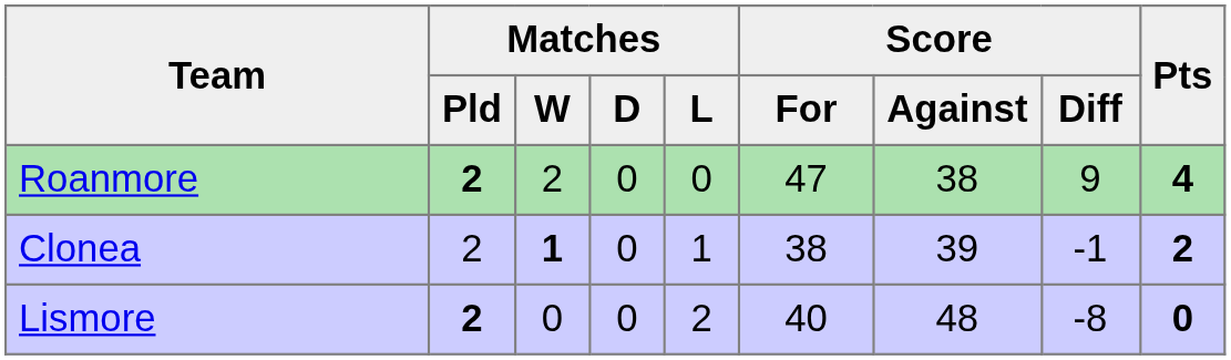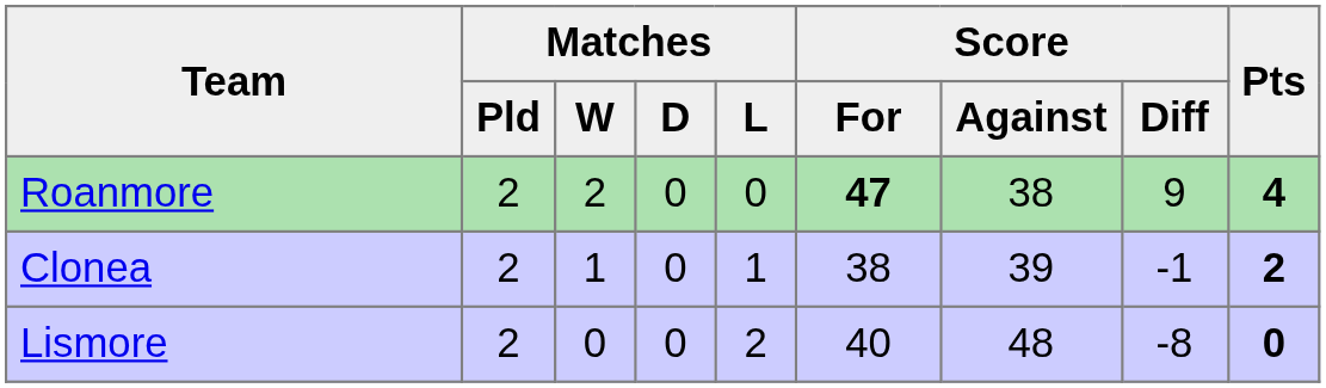 <table style=border-collapse:collapse border=1 cellspacing=0 cellpadding=5>
 <tr align=center bgcolor=#efefef>
 <th rowspan=2 width=165>Team</th>
 <th colspan=4>Matches</th>
 <th colspan=3>Score</th>
 <th rowspan=2width=20>Pts</th>
 </tr>
 <tr align=center bgcolor=#efefef>
 <th width=20>Pld</th>
 <th width=20>W</th>
 <th width=20>D</th>
 <th width=20>L</th>
 <th width=45>For</th>
 <th width=45>Against</th>
 <th width=30>Diff</th>
 </tr>
 <tr align=center  style="background:#ACE1AF;">
 <td style="text-align:left;"><a href='#'>Roanmore</a></td>
-<td><strong>2</strong></td>
+<td>2</td>
 <td>2</td>
 <td>0</td>
 <td>0</td>
-<td>47</td>
+<td><strong>47</strong></td>
 <td>38</td>
 <td>9</td>
 <td><strong>4</strong></td>
 </tr>
 <tr align=center style="background:#ccccff;">
 <td style="text-align:left;"><a href='#'>Clonea</a></td>
 <td>2</td>
-<td><strong>1</strong></td>
+<td>1</td>
 <td>0</td>
 <td>1</td>
 <td>38</td>
 <td>39</td>
 <td>-1</td>
 <td><strong>2</strong></td>
 </tr>
 <tr align=center  style="background:#ccccff;">
 <td style="text-align:left;"><a href='#'>Lismore</a></td>
-<td><strong>2</strong></td>
+<td>2</td>
 <td>0</td>
 <td>0</td>
 <td>2</td>
 <td>40</td>
 <td>48</td>
 <td>-8</td>
 <td><strong>0</strong></td>
 </tr>
 </table>
